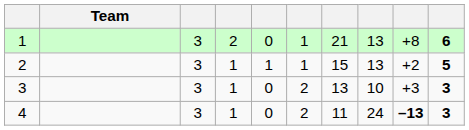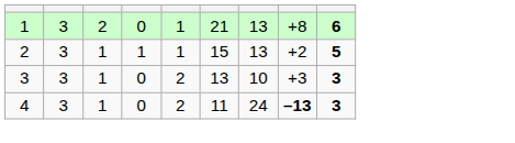 <table class="wikitable" style="text-align: center; font-size: 100%;">
 <tr>
 <th width="30"></th>
-<th width="140">Team</th>
 <th width="30"></th>
 <th width="30"></th>
 <th width="30"></th>
 <th width="30"></th>
 <th width="30"></th>
 <th width="30"></th>
 <th width="30"></th>
 <th width="30"></th>
 </tr>
 <tr style="background-color: #ccffcc;">
 <td>1</td>
-<td align=left><strong></strong></td>
 <td>3</td>
 <td>2</td>
 <td>0</td>
 <td>1</td>
 <td>21</td>
 <td>13</td>
 <td>+8</td>
 <td><strong>6</strong></td>
 </tr>
 <tr>
 <td>2</td>
-<td align=left></td>
 <td>3</td>
 <td>1</td>
 <td>1</td>
 <td>1</td>
 <td>15</td>
 <td>13</td>
 <td>+2</td>
 <td><strong>5</strong></td>
 </tr>
 <tr>
 <td>3</td>
-<td align=left></td>
 <td>3</td>
 <td>1</td>
 <td>0</td>
 <td>2</td>
 <td>13</td>
 <td>10</td>
 <td>+3</td>
 <td><strong>3</strong></td>
 </tr>
 <tr>
 <td>4</td>
-<td align=left></td>
 <td>3</td>
 <td>1</td>
 <td>0</td>
 <td>2</td>
 <td>11</td>
 <td>24</td>
 <td><strong>–13</strong></td>
 <td><strong>3</strong></td>
 </tr>
 </table>
